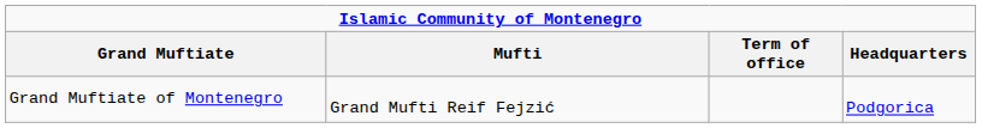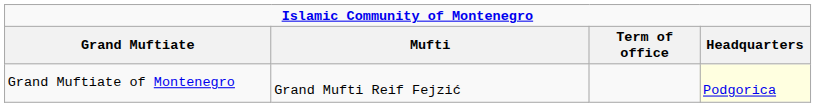 <table class=wikitable>
 <tr>
 <td colspan=4 align=center><strong><a href='#'>Islamic Community of Montenegro</a></strong></td>
 </tr>
 <tr>
 <th scope="row" width="250">Grand Muftiate</th>
 <th scope="row" width="300">Mufti</th>
 <th scope="row" width="100">Term of office</th>
 <th scope="row" width="100">Headquarters</th>
 </tr>
 <tr>
 <td>Grand Muftiate of <a href='#'>Montenegro</a></td>
 <td><br>Grand Mufti Reif Fejzić</td>
 <td></td>
-<td><br><a href='#'>Podgorica</a></td>
+<td style="background: lightyellow;"><br><a href='#'>Podgorica</a></td>
 </tr>
 </table>
